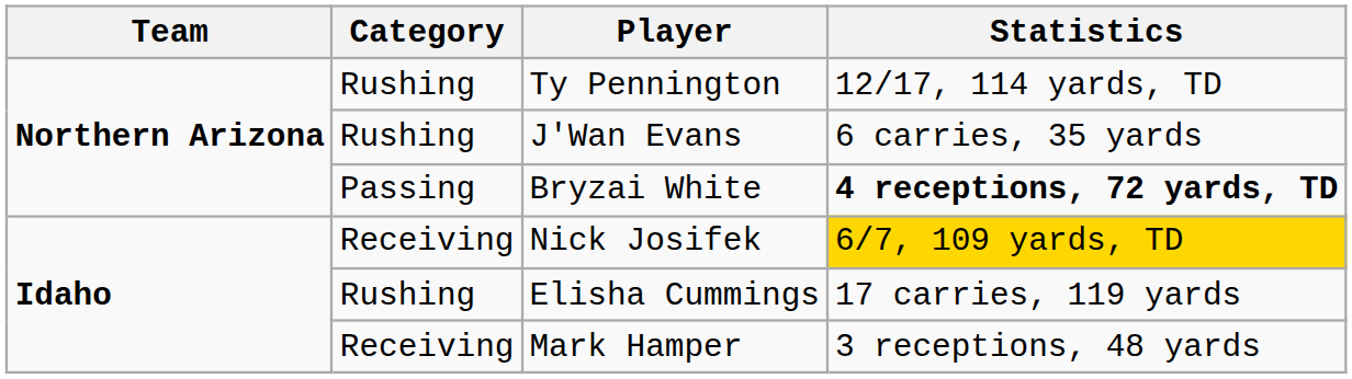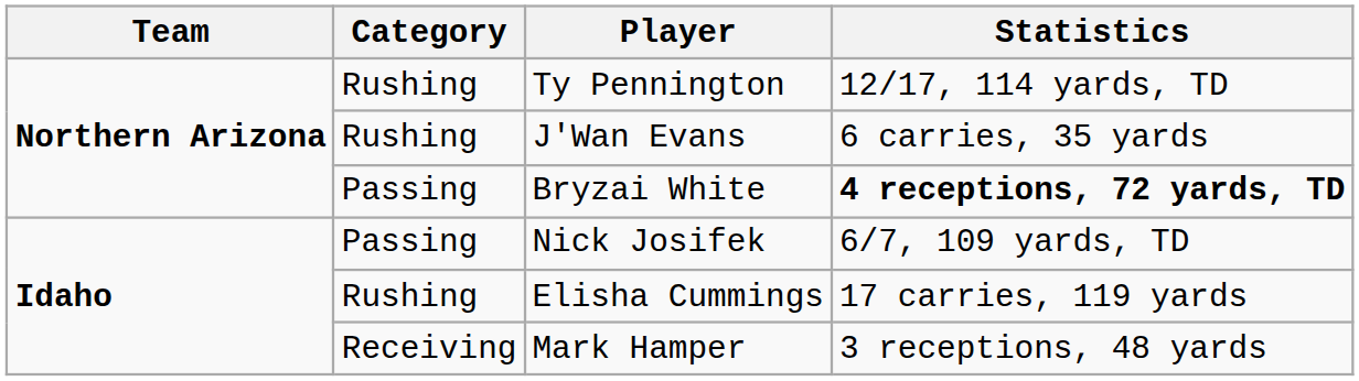 <table class="wikitable" style="float: right;">
 <tr>
 <th>Team</th>
 <th>Category</th>
 <th>Player</th>
 <th>Statistics</th>
 </tr>
 <tr>
 <td rowspan=3><strong>Northern Arizona</strong></td>
 <td>Rushing</td>
 <td>Ty Pennington</td>
 <td>12/17, 114 yards, TD</td>
 </tr>
 <tr>
 <td>Rushing</td>
 <td>J'Wan Evans</td>
 <td>6 carries, 35 yards</td>
 </tr>
 <tr>
 <td>Passing</td>
 <td>Bryzai White</td>
 <td><strong>4 receptions, 72 yards, TD</strong></td>
 </tr>
 <tr>
 <td rowspan=3><strong>Idaho</strong></td>
-<td>Receiving</td>
+<td>Passing</td>
 <td>Nick Josifek</td>
-<td style="background: gold;">6/7, 109 yards, TD</td>
+<td>6/7, 109 yards, TD</td>
 </tr>
 <tr>
 <td>Rushing</td>
 <td>Elisha Cummings</td>
 <td>17 carries, 119 yards</td>
 </tr>
 <tr>
 <td>Receiving</td>
 <td>Mark Hamper</td>
 <td>3 receptions, 48 yards</td>
 </tr>
 </table>
